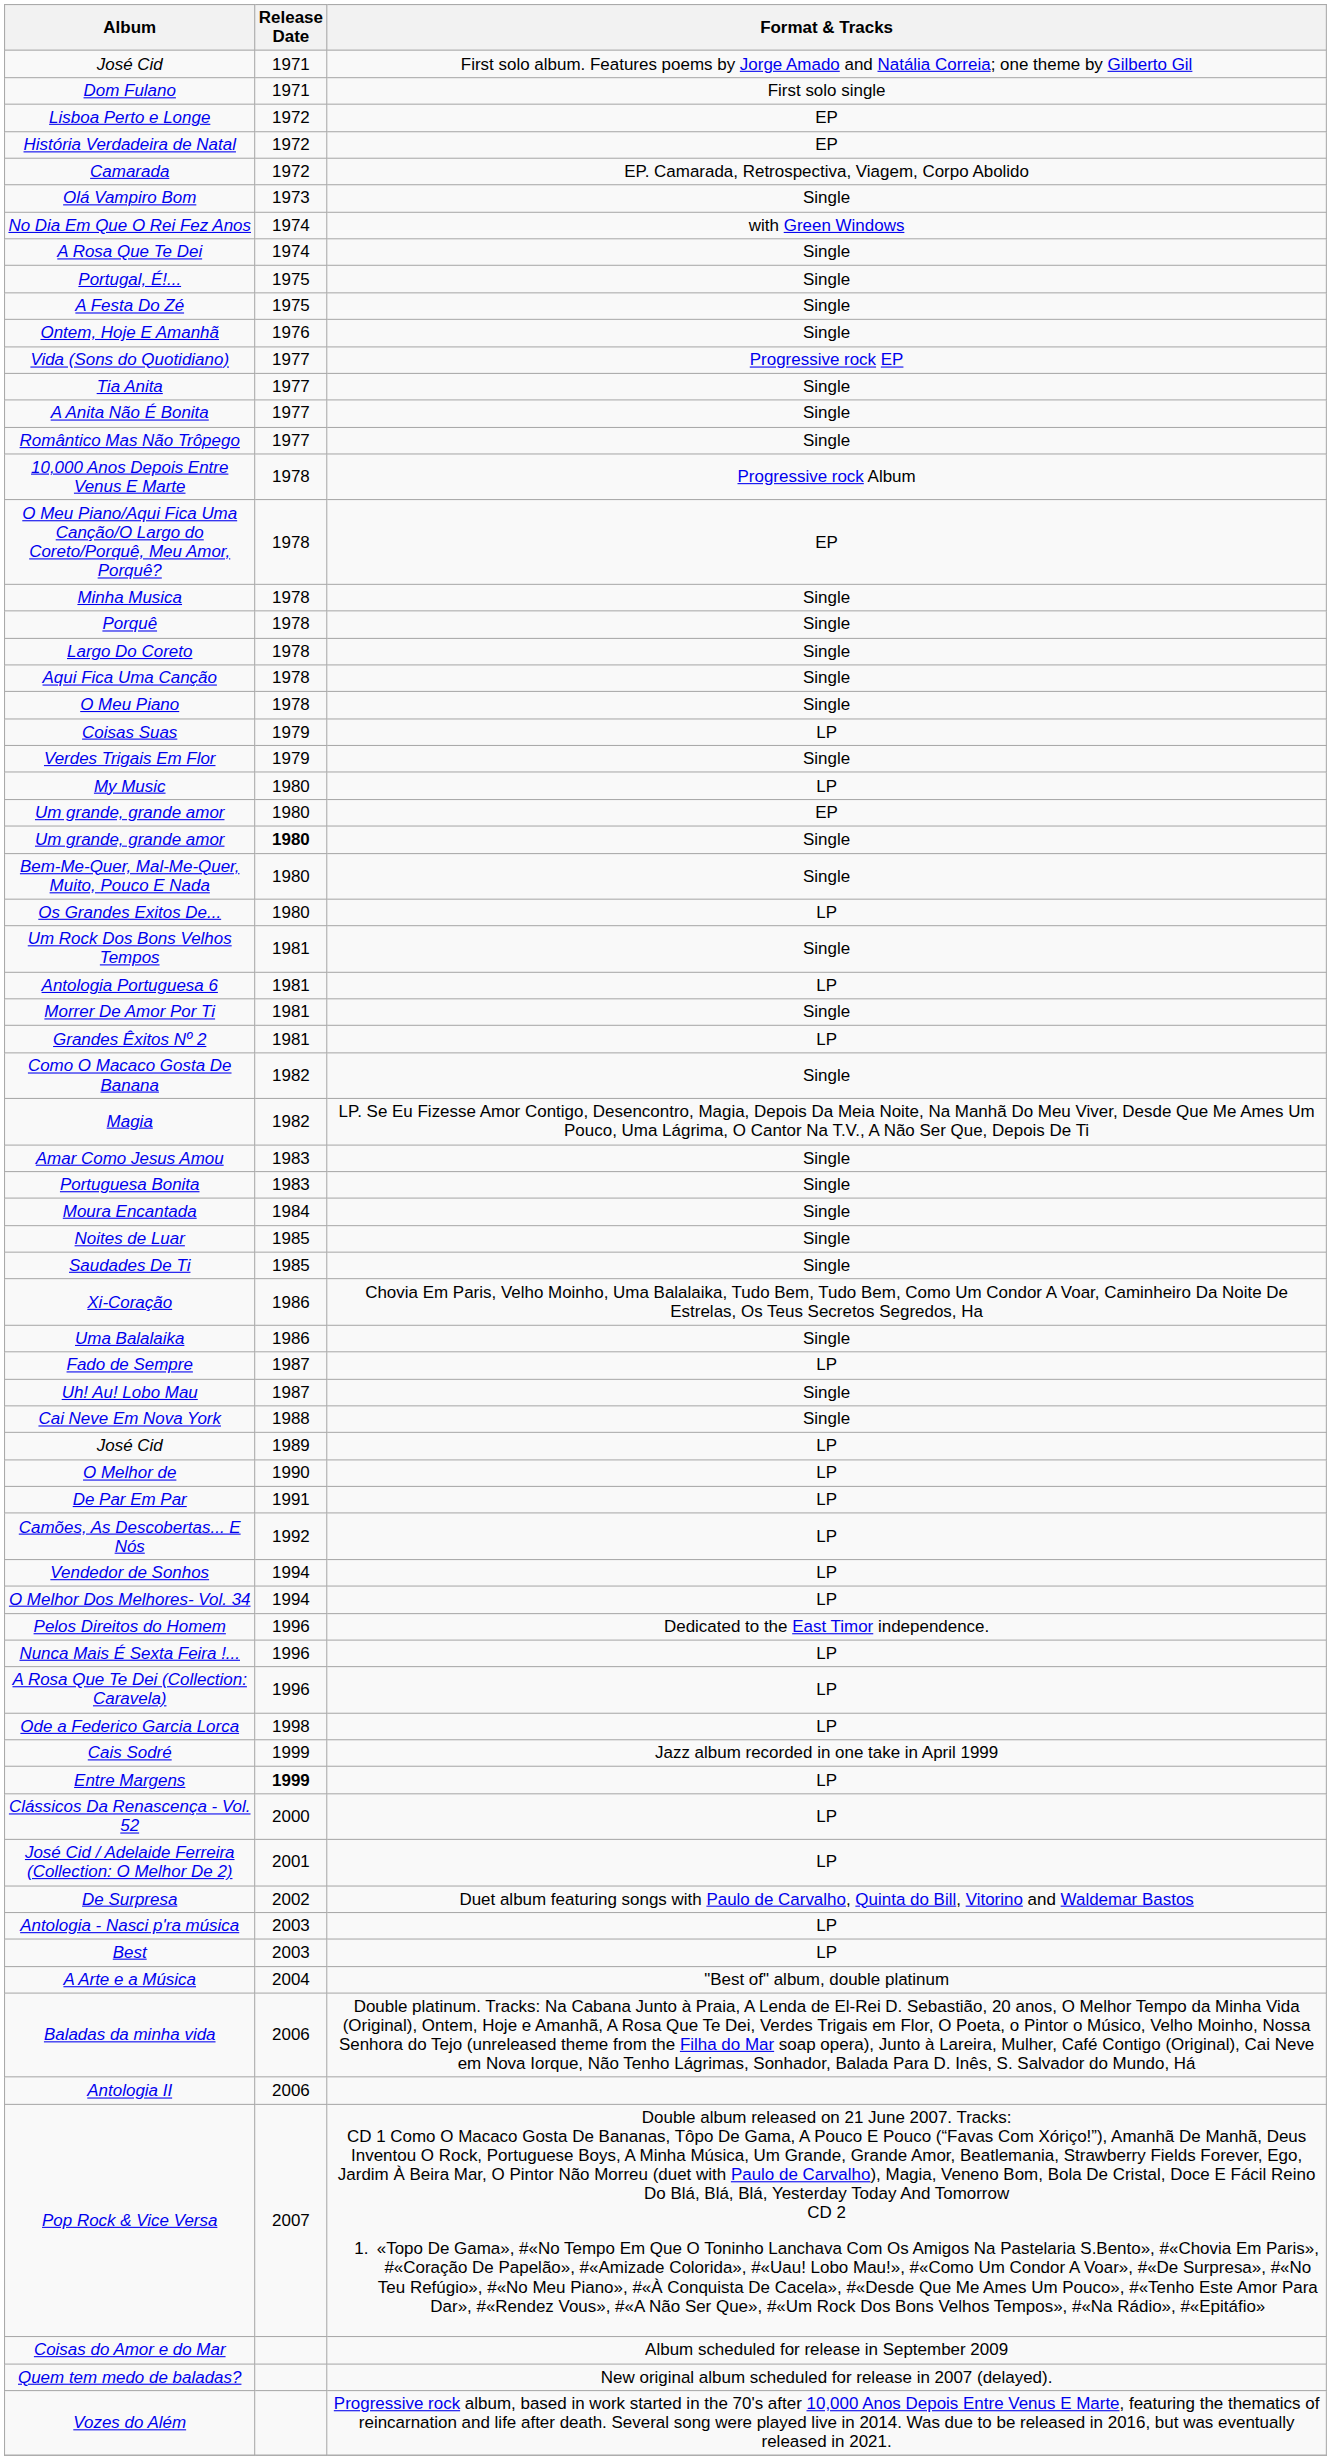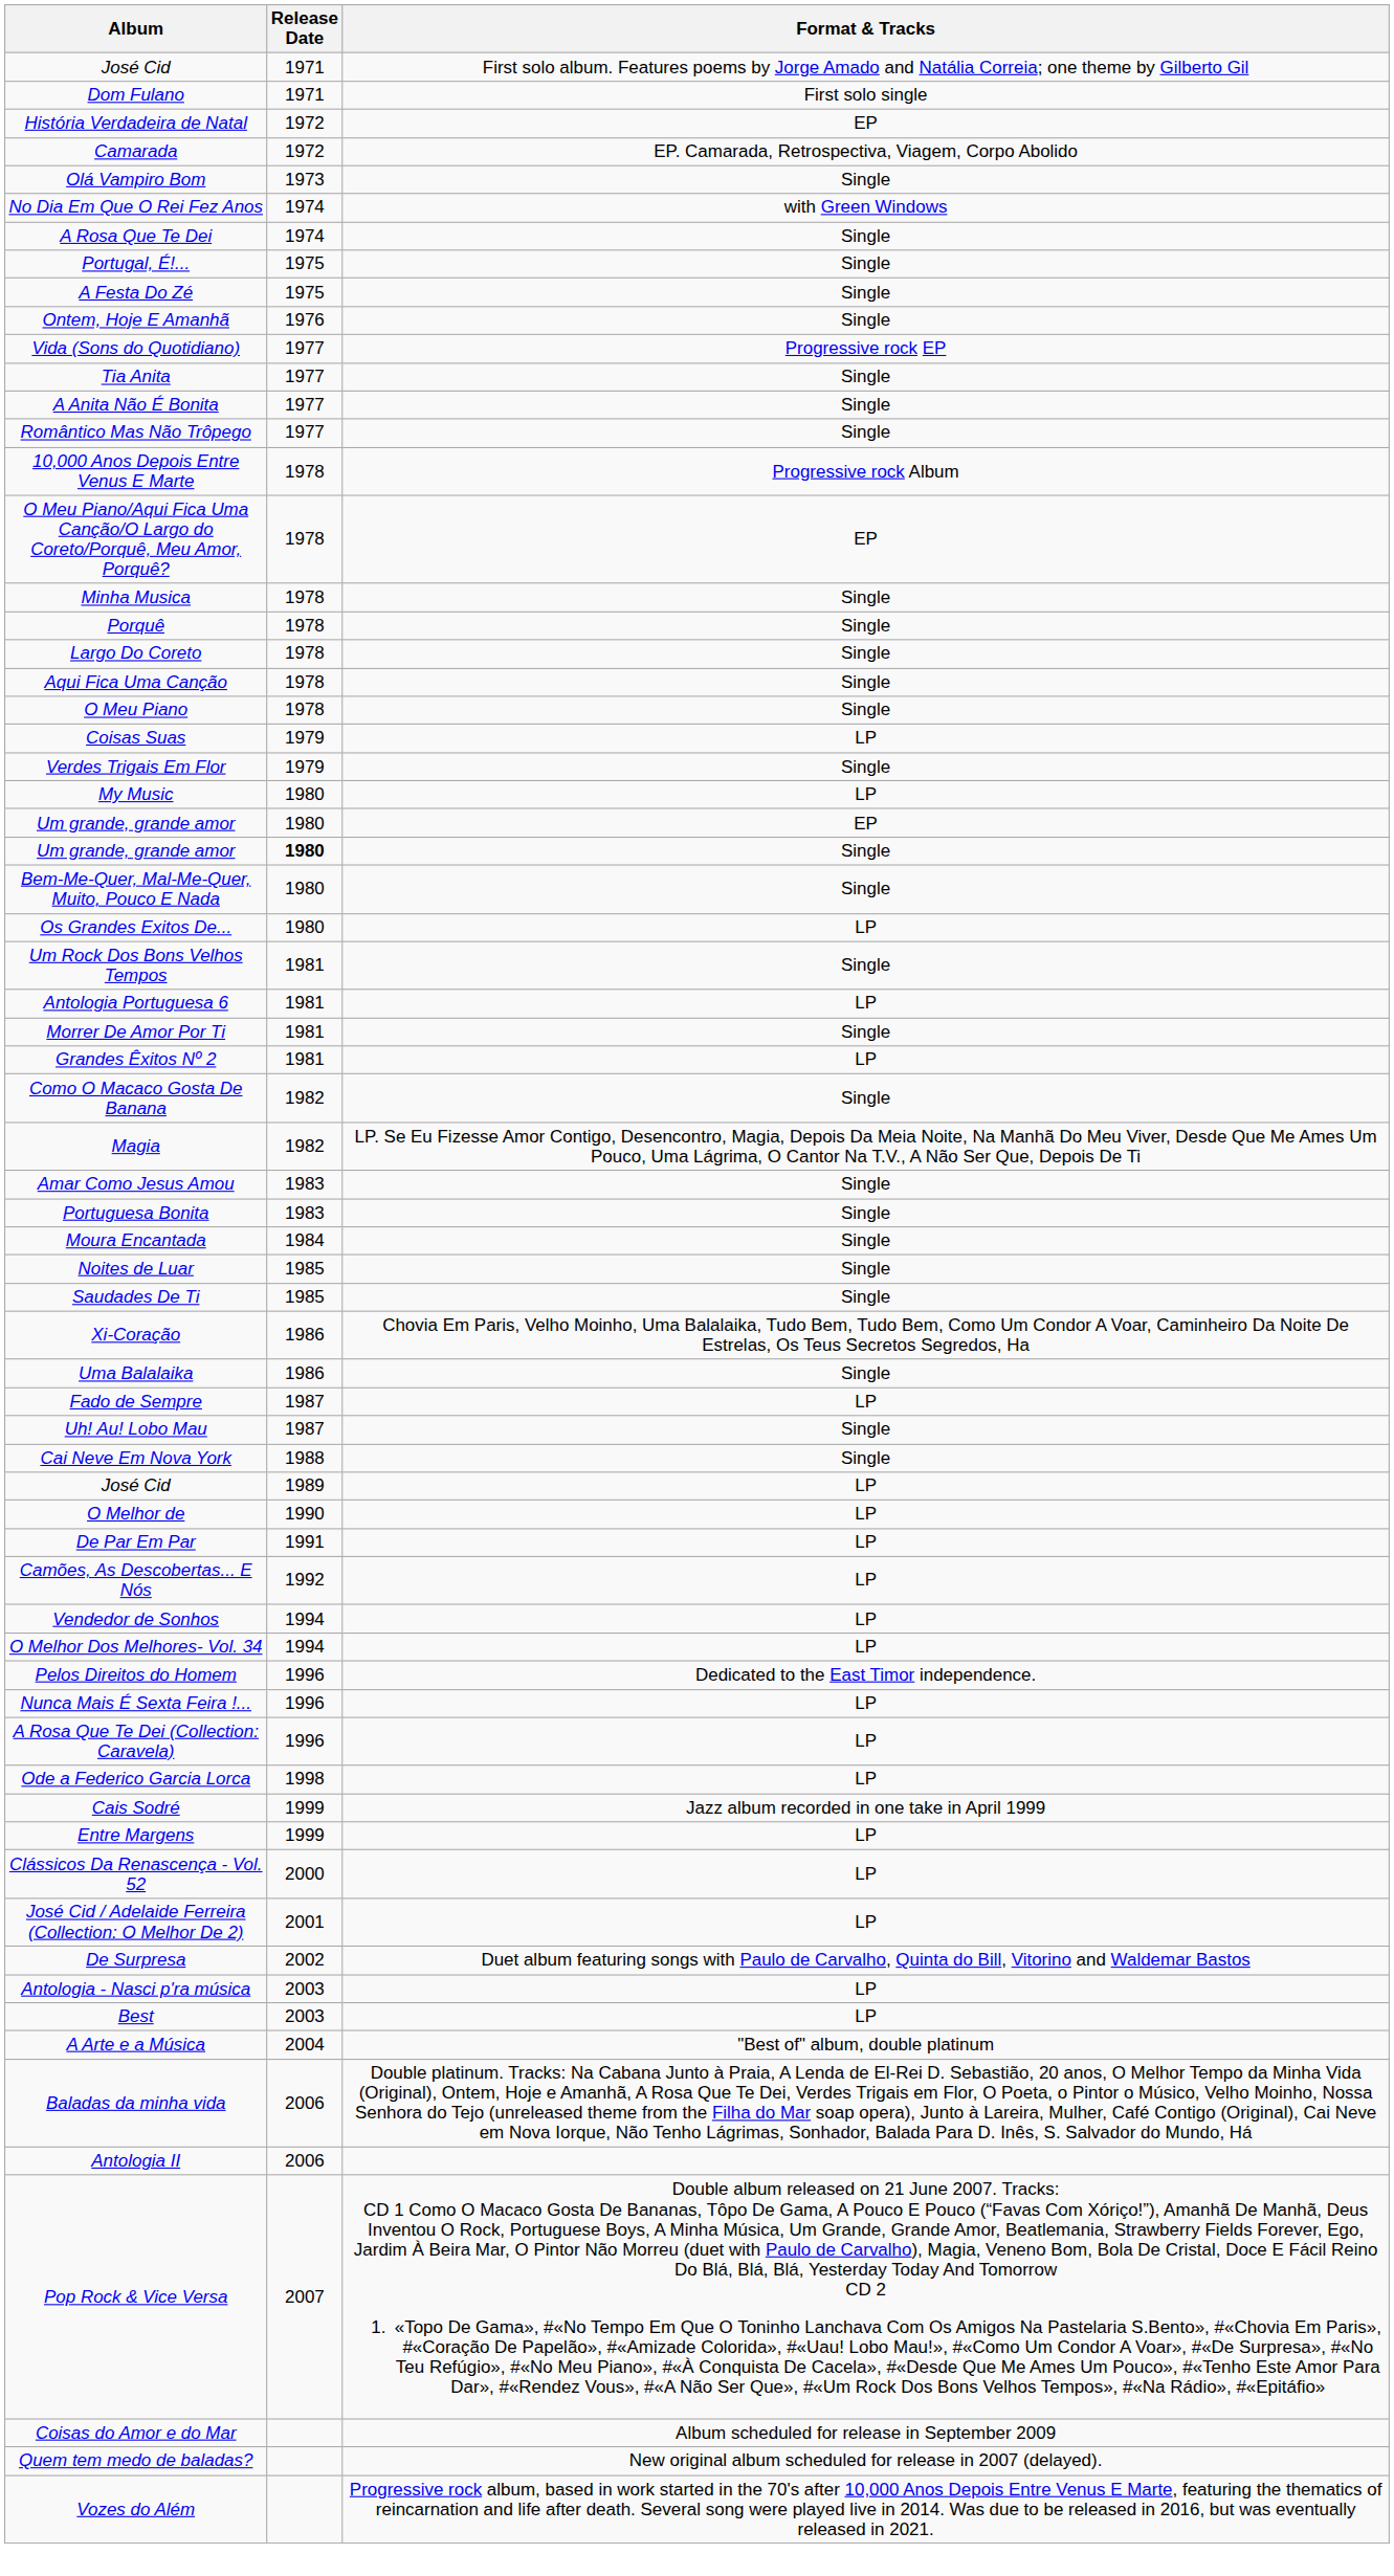 <table class="wikitable" style="text-align:center">
 <tr bgcolor="#CCCCCC">
 <th>Album</th>
 <th>Release<br>Date</th>
 <th>Format & Tracks</th>
 </tr>
 <tr>
 <td><em>José Cid</em></td>
 <td>1971</td>
 <td>First solo album. Features poems by <a href='#'>Jorge Amado</a> and <a href='#'>Natália Correia</a>; one theme by <a href='#'>Gilberto Gil</a></td>
 </tr>
 <tr>
 <td><em><a href='#'>Dom Fulano</a></em></td>
 <td>1971</td>
 <td>First solo single</td>
-</tr>
-<tr>
-<td><em><a href='#'>Lisboa Perto e Longe</a></em></td>
-<td>1972</td>
-<td>EP</td>
 </tr>
 <tr>
 <td><em><a href='#'>História Verdadeira de Natal</a></em></td>
 <td>1972</td>
 <td>EP</td>
 </tr>
 <tr>
 <td><em><a href='#'>Camarada</a></em></td>
 <td>1972</td>
 <td>EP. Camarada, Retrospectiva, Viagem, Corpo Abolido</td>
 </tr>
 <tr>
 <td><em><a href='#'>Olá Vampiro Bom</a></em></td>
 <td>1973</td>
 <td>Single</td>
 </tr>
 <tr>
 <td><em><a href='#'>No Dia Em Que O Rei Fez Anos</a></em></td>
 <td>1974</td>
 <td>with <a href='#'>Green Windows</a></td>
 </tr>
 <tr>
 <td><em><a href='#'>A Rosa Que Te Dei</a></em></td>
 <td>1974</td>
 <td>Single</td>
 </tr>
 <tr>
 <td><em><a href='#'>Portugal, É!...</a></em></td>
 <td>1975</td>
 <td>Single</td>
 </tr>
 <tr>
 <td><em><a href='#'>A Festa Do Zé</a></em></td>
 <td>1975</td>
 <td>Single</td>
 </tr>
 <tr>
 <td><em><a href='#'>Ontem, Hoje E Amanhã</a></em></td>
 <td>1976</td>
 <td>Single</td>
 </tr>
 <tr>
 <td><em><a href='#'>Vida (Sons do Quotidiano)</a></em></td>
 <td>1977</td>
 <td><a href='#'>Progressive rock</a> <a href='#'>EP</a></td>
 </tr>
 <tr>
 <td><em><a href='#'>Tia Anita</a></em></td>
 <td>1977</td>
 <td>Single</td>
 </tr>
 <tr>
 <td><em><a href='#'>A Anita Não É Bonita</a></em></td>
 <td>1977</td>
 <td>Single</td>
 </tr>
 <tr>
 <td><em><a href='#'>Romântico Mas Não Trôpego</a></em></td>
 <td>1977</td>
 <td>Single</td>
 </tr>
 <tr>
 <td><em><a href='#'>10,000 Anos Depois Entre Venus E Marte</a></em></td>
 <td>1978</td>
 <td><a href='#'>Progressive rock</a> Album</td>
 </tr>
 <tr>
 <td><em><a href='#'>O Meu Piano/Aqui Fica Uma Canção/O Largo do Coreto/Porquê, Meu Amor, Porquê?</a></em></td>
 <td>1978</td>
 <td>EP</td>
 </tr>
 <tr>
 <td><em><a href='#'>Minha Musica</a></em></td>
 <td>1978</td>
 <td>Single</td>
 </tr>
 <tr>
 <td><em><a href='#'>Porquê</a></em></td>
 <td>1978</td>
 <td>Single</td>
 </tr>
 <tr>
 <td><em><a href='#'>Largo Do Coreto</a></em></td>
 <td>1978</td>
 <td>Single</td>
 </tr>
 <tr>
 <td><em><a href='#'>Aqui Fica Uma Canção</a></em></td>
 <td>1978</td>
 <td>Single</td>
 </tr>
 <tr>
 <td><em><a href='#'>O Meu Piano</a></em></td>
 <td>1978</td>
 <td>Single</td>
 </tr>
 <tr>
 <td><em><a href='#'>Coisas Suas</a></em></td>
 <td>1979</td>
 <td>LP</td>
 </tr>
 <tr>
 <td><em><a href='#'>Verdes Trigais Em Flor</a></em></td>
 <td>1979</td>
 <td>Single</td>
 </tr>
 <tr>
 <td><em><a href='#'>My Music</a></em></td>
 <td>1980</td>
 <td>LP</td>
 </tr>
 <tr>
 <td><em><a href='#'>Um grande, grande amor</a></em></td>
 <td>1980</td>
 <td>EP</td>
 </tr>
 <tr>
 <td><em><a href='#'>Um grande, grande amor</a></em></td>
 <td><strong>1980</strong></td>
 <td>Single</td>
 </tr>
 <tr>
 <td><em><a href='#'>Bem-Me-Quer, Mal-Me-Quer, Muito, Pouco E Nada</a></em></td>
 <td>1980</td>
 <td>Single</td>
 </tr>
 <tr>
 <td><em><a href='#'>Os Grandes Exitos De...</a></em></td>
 <td>1980</td>
 <td>LP</td>
 </tr>
 <tr>
 <td><em><a href='#'>Um Rock Dos Bons Velhos Tempos</a></em></td>
 <td>1981</td>
 <td>Single</td>
 </tr>
 <tr>
 <td><em><a href='#'>Antologia Portuguesa 6</a></em></td>
 <td>1981</td>
 <td>LP</td>
 </tr>
 <tr>
 <td><em><a href='#'>Morrer De Amor Por Ti</a></em></td>
 <td>1981</td>
 <td>Single</td>
 </tr>
 <tr>
 <td><em><a href='#'>Grandes Êxitos Nº 2</a></em></td>
 <td>1981</td>
 <td>LP</td>
 </tr>
 <tr>
 <td><em><a href='#'>Como O Macaco Gosta De Banana</a></em></td>
 <td>1982</td>
 <td>Single</td>
 </tr>
 <tr>
 <td><em><a href='#'>Magia</a></em></td>
 <td>1982</td>
 <td>LP. Se Eu Fizesse Amor Contigo, Desencontro, Magia, Depois Da Meia Noite, Na Manhã Do Meu Viver, Desde Que Me Ames Um Pouco, Uma Lágrima, O Cantor Na T.V., A Não Ser Que, Depois De Ti</td>
 </tr>
 <tr>
 <td><em><a href='#'>Amar Como Jesus Amou</a></em></td>
 <td>1983</td>
 <td>Single</td>
 </tr>
 <tr>
 <td><em><a href='#'>Portuguesa Bonita</a></em></td>
 <td>1983</td>
 <td>Single</td>
 </tr>
 <tr>
 <td><em><a href='#'>Moura Encantada</a></em></td>
 <td>1984</td>
 <td>Single</td>
 </tr>
 <tr>
 <td><em><a href='#'>Noites de Luar</a></em></td>
 <td>1985</td>
 <td>Single</td>
 </tr>
 <tr>
 <td><em><a href='#'>Saudades De Ti</a></em></td>
 <td>1985</td>
 <td>Single</td>
 </tr>
 <tr>
 <td><em><a href='#'>Xi-Coração</a></em></td>
 <td>1986</td>
 <td>Chovia Em Paris, Velho Moinho, Uma Balalaika, Tudo Bem, Tudo Bem, Como Um Condor A Voar, Caminheiro Da Noite De Estrelas, Os Teus Secretos Segredos, Ha</td>
 </tr>
 <tr>
 <td><em><a href='#'>Uma Balalaika</a></em></td>
 <td>1986</td>
 <td>Single</td>
 </tr>
 <tr>
 <td><em><a href='#'>Fado de Sempre</a></em></td>
 <td>1987</td>
 <td>LP</td>
 </tr>
 <tr>
 <td><em><a href='#'>Uh! Au! Lobo Mau</a></em></td>
 <td>1987</td>
 <td>Single</td>
 </tr>
 <tr>
 <td><em><a href='#'>Cai Neve Em Nova York</a></em></td>
 <td>1988</td>
 <td>Single</td>
 </tr>
 <tr>
 <td><em>José Cid</em></td>
 <td>1989</td>
 <td>LP</td>
 </tr>
 <tr>
 <td><em><a href='#'>O Melhor de</a></em></td>
 <td>1990</td>
 <td>LP</td>
 </tr>
 <tr>
 <td><em><a href='#'>De Par Em Par</a></em></td>
 <td>1991</td>
 <td>LP</td>
 </tr>
 <tr>
 <td><em><a href='#'>Camões, As Descobertas... E Nós</a></em></td>
 <td>1992</td>
 <td>LP</td>
 </tr>
 <tr>
 <td><em><a href='#'>Vendedor de Sonhos</a></em></td>
 <td>1994</td>
 <td>LP</td>
 </tr>
 <tr>
 <td><em><a href='#'>O Melhor Dos Melhores- Vol. 34</a></em></td>
 <td>1994</td>
 <td>LP</td>
 </tr>
 <tr>
 <td><em><a href='#'>Pelos Direitos do Homem</a></em></td>
 <td>1996</td>
 <td>Dedicated to the <a href='#'>East Timor</a> independence.</td>
 </tr>
 <tr>
 <td><em><a href='#'>Nunca Mais É Sexta Feira !...</a></em></td>
 <td>1996</td>
 <td>LP</td>
 </tr>
 <tr>
 <td><em><a href='#'>A Rosa Que Te Dei (Collection: Caravela)</a></em></td>
 <td>1996</td>
 <td>LP</td>
 </tr>
 <tr>
 <td><em><a href='#'>Ode a Federico Garcia Lorca</a></em></td>
 <td>1998</td>
 <td>LP</td>
 </tr>
 <tr>
 <td><em><a href='#'>Cais Sodré</a></em></td>
 <td>1999</td>
 <td>Jazz album recorded in one take in April 1999</td>
 </tr>
 <tr LP>
 <td><em><a href='#'>Entre Margens</a></em></td>
-<td><strong>1999</strong></td>
+<td>1999</td>
 <td>LP</td>
 </tr>
 <tr>
 <td><em><a href='#'>Clássicos Da Renascença - Vol. 52</a></em></td>
 <td>2000</td>
 <td>LP</td>
 </tr>
 <tr>
 <td><em><a href='#'>José Cid / Adelaide Ferreira (Collection: O Melhor De 2)</a></em></td>
 <td>2001</td>
 <td>LP</td>
 </tr>
 <tr>
 <td><em><a href='#'>De Surpresa</a></em></td>
 <td>2002</td>
 <td>Duet album featuring songs with <a href='#'>Paulo de Carvalho</a>, <a href='#'>Quinta do Bill</a>, <a href='#'>Vitorino</a> and <a href='#'>Waldemar Bastos</a></td>
 </tr>
 <tr>
 <td><em><a href='#'>Antologia - Nasci p'ra música</a></em></td>
 <td>2003</td>
 <td>LP</td>
 </tr>
 <tr>
 <td><em><a href='#'>Best</a></em></td>
 <td>2003</td>
 <td>LP</td>
 </tr>
 <tr>
 <td><em><a href='#'>A Arte e a Música</a></em></td>
 <td>2004</td>
 <td>"Best of" album, double platinum</td>
 </tr>
 <tr>
 <td><em><a href='#'>Baladas da minha vida</a></em></td>
 <td>2006</td>
 <td>Double platinum. Tracks: Na Cabana Junto à Praia, A Lenda de El-Rei D. Sebastião, 20 anos, O Melhor Tempo da Minha Vida (Original), Ontem, Hoje e Amanhã, A Rosa Que Te Dei, Verdes Trigais em Flor, O Poeta, o Pintor o Músico, Velho Moinho, Nossa Senhora do Tejo (unreleased theme from the <a href='#'>Filha do Mar</a> soap opera), Junto à Lareira, Mulher, Café Contigo (Original), Cai Neve em Nova Iorque, Não Tenho Lágrimas, Sonhador, Balada Para D. Inês, S. Salvador do Mundo, Há</td>
 </tr>
 <tr>
 <td><em><a href='#'>Antologia II</a></em></td>
 <td>2006</td>
 <td></td>
 </tr>
 <tr>
 <td><em><a href='#'>Pop Rock & Vice Versa</a></em></td>
 <td>2007</td>
 <td>Double album released on 21 June 2007. Tracks:<br>CD 1 Como O Macaco Gosta De Bananas, Tôpo De Gama, A Pouco E Pouco (“Favas Com Xóriço!”), Amanhã De Manhã, Deus Inventou O Rock, Portuguese Boys, A Minha Música, Um Grande, Grande Amor, Beatlemania, Strawberry Fields Forever, Ego, Jardim À Beira Mar, O Pintor Não Morreu (duet with <a href='#'>Paulo de Carvalho</a>), Magia, Veneno Bom, Bola De Cristal, Doce E Fácil Reino Do Blá, Blá, Blá, Yesterday Today And Tomorrow<br>CD 2<ol><li>«Topo De Gama», #«No Tempo Em Que O Toninho Lanchava Com Os Amigos Na Pastelaria S.Bento», #«Chovia Em Paris», #«Coração De Papelão», #«Amizade Colorida», #«Uau! Lobo Mau!», #«Como Um Condor A Voar», #«De Surpresa», #«No Teu Refúgio», #«No Meu Piano», #«À Conquista De Cacela», #«Desde Que Me Ames Um Pouco», #«Tenho Este Amor Para Dar», #«Rendez Vous», #«A Não Ser Que», #«Um Rock Dos Bons Velhos Tempos», #«Na Rádio», #«Epitáfio»</li></ol></td>
 </tr>
 <tr>
 <td><em><a href='#'>Coisas do Amor e do Mar</a></em></td>
 <td></td>
 <td>Album scheduled for release in September 2009</td>
 </tr>
 <tr>
 <td><em><a href='#'>Quem tem medo de baladas?</a></em></td>
 <td></td>
 <td>New original album scheduled for release in 2007 (delayed).</td>
 </tr>
 <tr>
 <td><em><a href='#'>Vozes do Além</a></em></td>
 <td></td>
 <td><a href='#'>Progressive rock</a> album, based in work started in the 70's after <a href='#'>10,000 Anos Depois Entre Venus E Marte</a>, featuring the thematics of reincarnation and life after death. Several song were played live in 2014. Was due to be released in 2016, but was eventually released in 2021.</td>
 </tr>
 <tr>
 </tr>
 </table>
